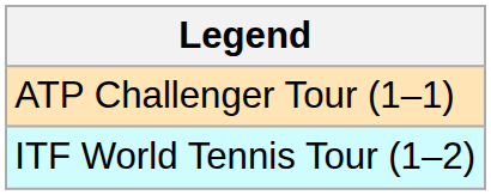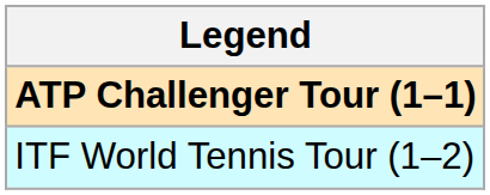 <table class=wikitable style=font-size:97%>
 <tr>
 <th>Legend</th>
 </tr>
 <tr style="background:moccasin;">
-<td>ATP Challenger Tour (1–1)</td>
+<td><strong>ATP Challenger Tour (1–1)</strong></td>
 </tr>
 <tr style="background:#cffcff;">
 <td>ITF World Tennis Tour (1–2)</td>
 </tr>
 </table>
